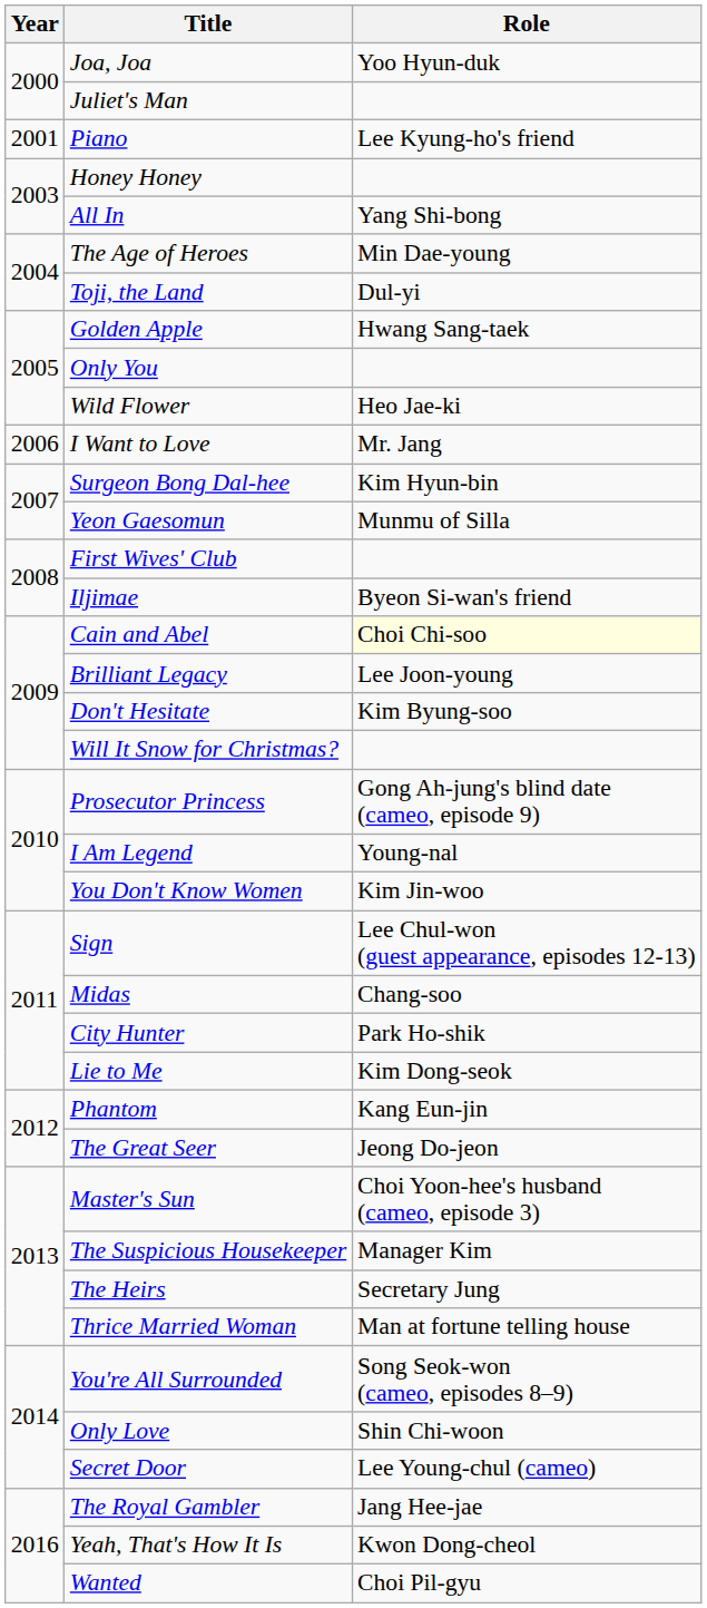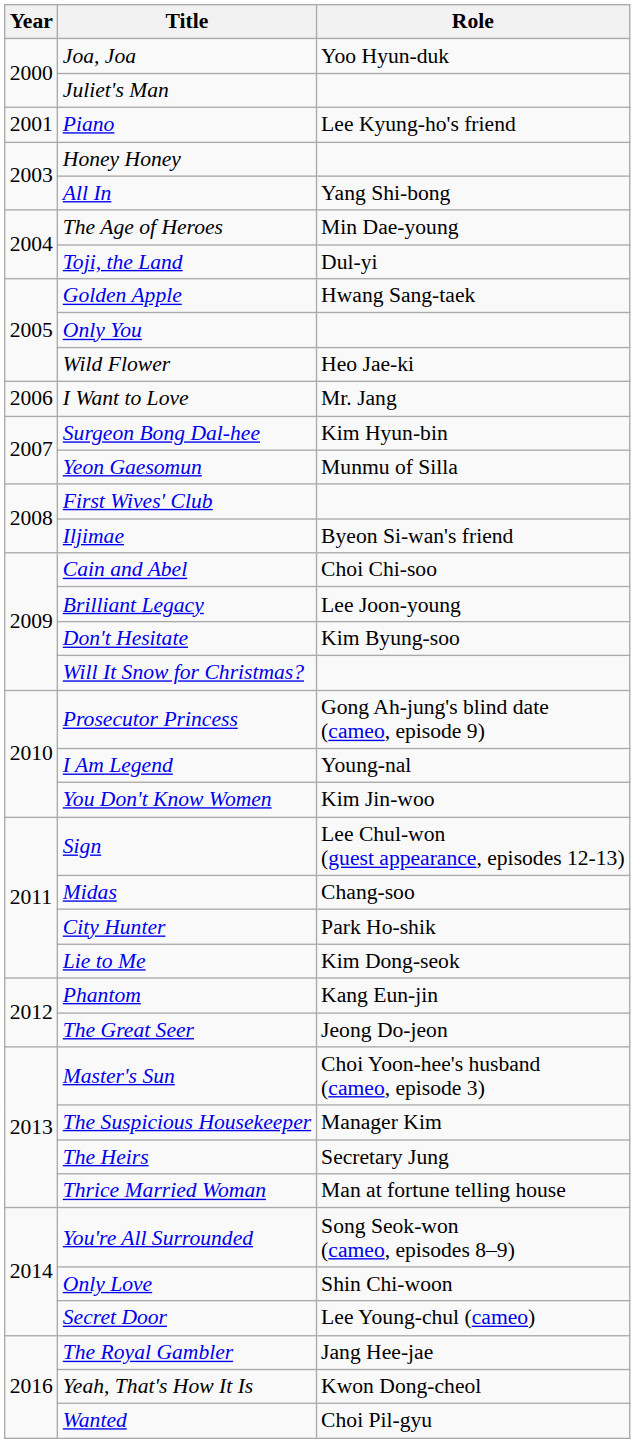 <table class="wikitable sortable">
 <tr>
 <th>Year</th>
 <th>Title</th>
 <th>Role</th>
 </tr>
 <tr>
 <td rowspan=2>2000</td>
 <td><em>Joa, Joa</em></td>
 <td>Yoo Hyun-duk</td>
 </tr>
 <tr>
 <td><em>Juliet's Man</em></td>
 <td></td>
 </tr>
 <tr>
 <td>2001</td>
 <td><em><a href='#'>Piano</a></em></td>
 <td>Lee Kyung-ho's friend</td>
 </tr>
 <tr>
 <td rowspan=2>2003</td>
 <td><em>Honey Honey</em></td>
 <td></td>
 </tr>
 <tr>
 <td><em><a href='#'>All In</a></em></td>
 <td>Yang Shi-bong</td>
 </tr>
 <tr>
 <td rowspan=2>2004</td>
 <td><em>The Age of Heroes</em></td>
 <td>Min Dae-young</td>
 </tr>
 <tr>
 <td><em><a href='#'>Toji, the Land</a></em></td>
 <td>Dul-yi</td>
 </tr>
 <tr>
 <td rowspan=3>2005</td>
 <td><em><a href='#'>Golden Apple</a></em></td>
 <td>Hwang Sang-taek</td>
 </tr>
 <tr>
 <td><em><a href='#'>Only You</a></em></td>
 <td></td>
 </tr>
 <tr>
 <td><em>Wild Flower</em></td>
 <td>Heo Jae-ki</td>
 </tr>
 <tr>
 <td>2006</td>
 <td><em>I Want to Love</em></td>
 <td>Mr. Jang</td>
 </tr>
 <tr>
 <td rowspan=2>2007</td>
 <td><em><a href='#'>Surgeon Bong Dal-hee</a></em></td>
 <td>Kim Hyun-bin</td>
 </tr>
 <tr>
 <td><em><a href='#'>Yeon Gaesomun</a></em></td>
 <td>Munmu of Silla</td>
 </tr>
 <tr>
 <td rowspan=2>2008</td>
 <td><em><a href='#'>First Wives' Club</a></em></td>
 <td></td>
 </tr>
 <tr>
 <td><em><a href='#'>Iljimae</a></em></td>
 <td>Byeon Si-wan's friend</td>
 </tr>
 <tr>
 <td rowspan=4>2009</td>
 <td><em><a href='#'>Cain and Abel</a></em></td>
-<td style="background: lightyellow;">Choi Chi-soo</td>
+<td>Choi Chi-soo</td>
 </tr>
 <tr>
 <td><em><a href='#'>Brilliant Legacy</a></em></td>
 <td>Lee Joon-young</td>
 </tr>
 <tr>
 <td><em><a href='#'>Don't Hesitate</a></em></td>
 <td>Kim Byung-soo</td>
 </tr>
 <tr>
 <td><em><a href='#'>Will It Snow for Christmas?</a></em></td>
 <td></td>
 </tr>
 <tr>
 <td rowspan=3>2010</td>
 <td><em><a href='#'>Prosecutor Princess</a></em></td>
 <td>Gong Ah-jung's blind date <br> (<a href='#'>cameo</a>, episode 9)</td>
 </tr>
 <tr>
 <td><em><a href='#'>I Am Legend</a></em></td>
 <td>Young-nal</td>
 </tr>
 <tr>
 <td><em><a href='#'>You Don't Know Women</a></em></td>
 <td>Kim Jin-woo</td>
 </tr>
 <tr>
 <td rowspan=4>2011</td>
 <td><em><a href='#'>Sign</a></em></td>
 <td>Lee Chul-won <br> (<a href='#'>guest appearance</a>, episodes 12-13)</td>
 </tr>
 <tr>
 <td><em><a href='#'>Midas</a></em></td>
 <td>Chang-soo</td>
 </tr>
 <tr>
 <td><em><a href='#'>City Hunter</a></em></td>
 <td>Park Ho-shik</td>
 </tr>
 <tr>
 <td><em><a href='#'>Lie to Me</a></em></td>
 <td>Kim Dong-seok</td>
 </tr>
 <tr>
 <td rowspan=2>2012</td>
 <td><em><a href='#'>Phantom</a></em></td>
 <td>Kang Eun-jin</td>
 </tr>
 <tr>
 <td><em><a href='#'>The Great Seer</a></em></td>
 <td>Jeong Do-jeon</td>
 </tr>
 <tr>
 <td rowspan=4>2013</td>
 <td><em><a href='#'>Master's Sun</a></em></td>
 <td>Choi Yoon-hee's husband <br> (<a href='#'>cameo</a>, episode 3)</td>
 </tr>
 <tr>
 <td><em><a href='#'>The Suspicious Housekeeper</a></em></td>
 <td>Manager Kim</td>
 </tr>
 <tr>
 <td><em><a href='#'>The Heirs</a></em></td>
 <td>Secretary Jung</td>
 </tr>
 <tr>
 <td><em><a href='#'>Thrice Married Woman</a></em></td>
 <td>Man at fortune telling house</td>
 </tr>
 <tr>
 <td rowspan=3>2014</td>
 <td><em><a href='#'>You're All Surrounded</a></em></td>
 <td>Song Seok-won <br> (<a href='#'>cameo</a>, episodes 8–9)</td>
 </tr>
 <tr>
 <td><em><a href='#'>Only Love</a></em></td>
 <td>Shin Chi-woon</td>
 </tr>
 <tr>
 <td><em><a href='#'>Secret Door</a></em></td>
 <td>Lee Young-chul (<a href='#'>cameo</a>)</td>
 </tr>
 <tr>
 <td rowspan=3>2016</td>
 <td><em><a href='#'>The Royal Gambler</a></em></td>
 <td>Jang Hee-jae</td>
 </tr>
 <tr>
 <td><em>Yeah, That's How It Is</em></td>
 <td>Kwon Dong-cheol</td>
 </tr>
 <tr>
 <td><em><a href='#'>Wanted</a></em></td>
 <td>Choi Pil-gyu</td>
 </tr>
 </table>
